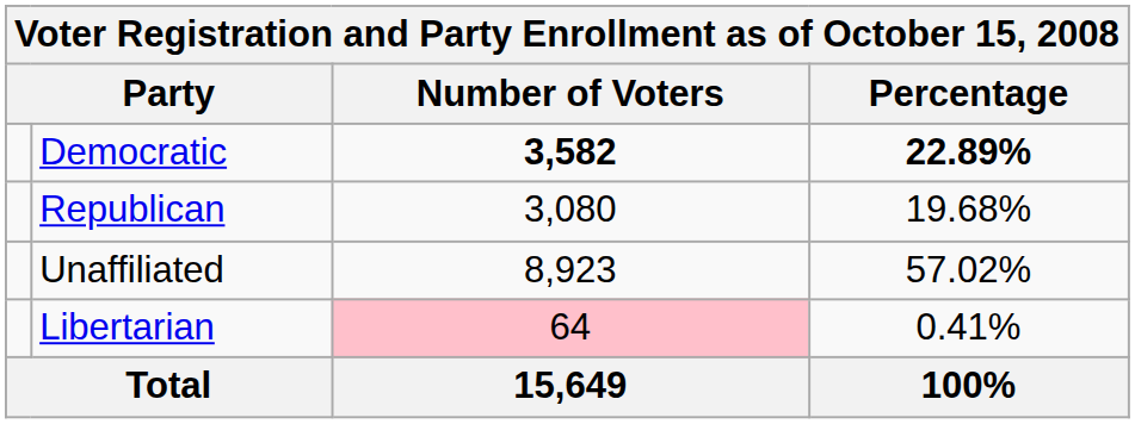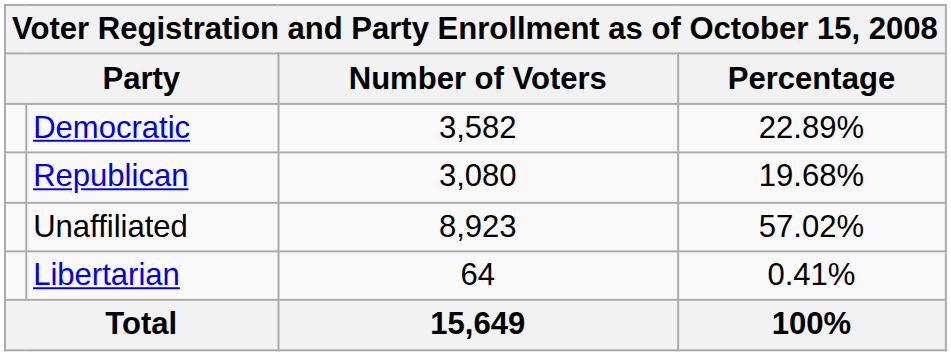 <table class="wikitable">
 <tr>
 <th colspan="6">Voter Registration and Party Enrollment as of October 15, 2008</th>
 </tr>
 <tr>
 <th colspan="2">Party</th>
 <th>Number of Voters</th>
 <th>Percentage</th>
 </tr>
 <tr>
 <td></td>
 <td><a href='#'>Democratic</a></td>
-<td align="center"><strong>3,582</strong></td>
-<td align="center"><strong>22.89%</strong></td>
+<td align="center">3,582</td>
+<td align="center">22.89%</td>
 </tr>
 <tr>
 <td></td>
 <td><a href='#'>Republican</a></td>
 <td align="center">3,080</td>
 <td align="center">19.68%</td>
 </tr>
 <tr>
 <td></td>
 <td>Unaffiliated</td>
 <td align="center">8,923</td>
 <td align="center">57.02%</td>
 </tr>
 <tr>
 <td></td>
 <td><a href='#'>Libertarian</a></td>
-<td align="center" style="background: pink;">64</td>
+<td align="center">64</td>
 <td align="center">0.41%</td>
 </tr>
 <tr>
 <th colspan="2">Total</th>
 <th align="center">15,649</th>
 <th align="center">100%</th>
 </tr>
 </table>
